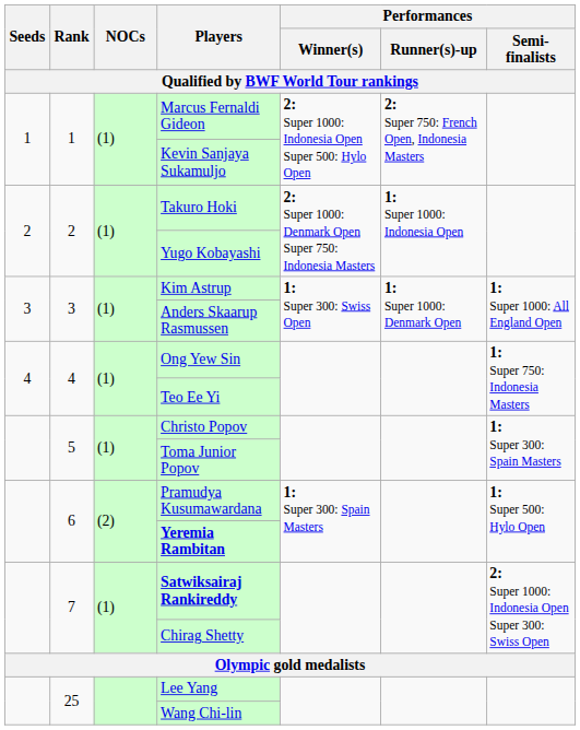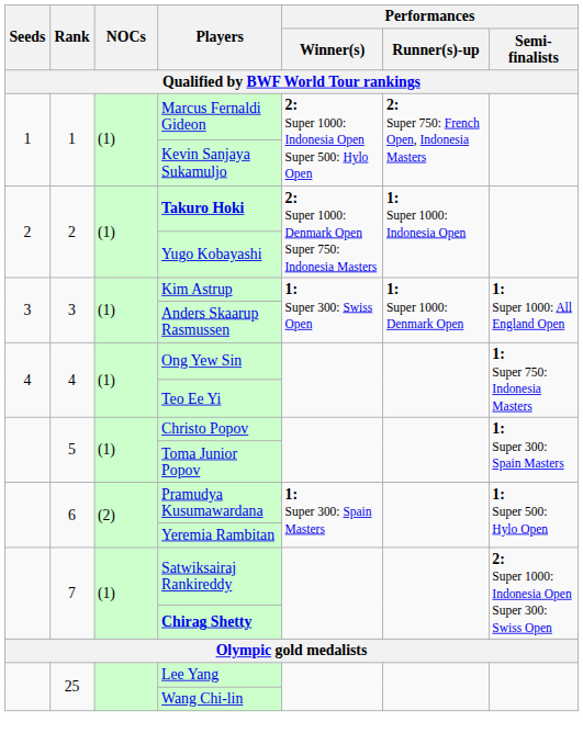 <table class="wikitable">
 <tr>
 <th rowspan="2" width="50">Seeds</th>
 <th rowspan="2" width="50">Rank</th>
 <th rowspan="2" width="150">NOCs</th>
 <th rowspan="2" width="200">Players</th>
 <th colspan="3">Performances</th>
 </tr>
 <tr>
 <th width="250">Winner(s)</th>
 <th width="250">Runner(s)-up</th>
 <th width="250">Semi-finalists</th>
 </tr>
 <tr>
 <th colspan="7">Qualified by <a href='#'>BWF World Tour rankings</a></th>
 </tr>
 <tr>
 <td align="center" rowspan="2">1</td>
 <td align="center" rowspan="2">1</td>
 <td bgcolor="#ccffcc" rowspan="2"> (1)</td>
 <td bgcolor="#ccffcc"><a href='#'>Marcus Fernaldi Gideon</a></td>
 <td rowspan="2" valign="top"><strong>2:</strong><br><small> Super 1000: <a href='#'>Indonesia Open</a><br>Super 500: <a href='#'>Hylo Open</a></small></td>
 <td rowspan="2" valign="top"><strong>2:</strong><br><small>Super 750: <a href='#'>French Open</a>, <a href='#'>Indonesia Masters</a></small></td>
 <td rowspan="2" valign="top"></td>
 </tr>
 <tr>
 <td bgcolor="#ccffcc"><a href='#'>Kevin Sanjaya Sukamuljo</a></td>
 </tr>
 <tr>
 <td align="center" rowspan="2">2</td>
 <td align="center" rowspan="2">2</td>
 <td bgcolor="#ccffcc" rowspan="2"> (1)</td>
-<td bgcolor="#ccffcc"><a href='#'>Takuro Hoki</a></td>
+<td bgcolor="#ccffcc"><strong><a href='#'>Takuro Hoki</a></strong></td>
 <td rowspan="2" valign="top"><strong>2:</strong><br><small>Super 1000: <a href='#'>Denmark Open</a><br>Super 750: <a href='#'>Indonesia Masters</a></small></td>
 <td rowspan="2" valign="top"><strong>1:</strong><br><small>Super 1000: <a href='#'>Indonesia Open</a></small></td>
 <td rowspan="2" valign="top"></td>
 </tr>
 <tr>
 <td bgcolor="#ccffcc"><a href='#'>Yugo Kobayashi</a></td>
 </tr>
 <tr>
 <td align="center" rowspan="2">3</td>
 <td align="center" rowspan="2">3</td>
 <td bgcolor="#ccffcc" rowspan="2"> (1)</td>
 <td bgcolor="#ccffcc"><a href='#'>Kim Astrup</a></td>
 <td rowspan="2" valign="top"><strong>1:</strong><br><small>Super 300: <a href='#'>Swiss Open</a></small></td>
 <td rowspan="2" valign="top"><strong>1:</strong><br><small>Super 1000: <a href='#'>Denmark Open</a></small></td>
 <td rowspan="2" valign="top"><strong>1:</strong><br><small>Super 1000: <a href='#'>All England Open</a></small></td>
 </tr>
 <tr>
 <td bgcolor="#ccffcc"><a href='#'>Anders Skaarup Rasmussen</a></td>
 </tr>
 <tr>
 <td align="center" rowspan="2">4</td>
 <td align="center" rowspan="2">4</td>
 <td bgcolor="#ccffcc" rowspan="2"> (1)</td>
 <td bgcolor="#ccffcc"><a href='#'>Ong Yew Sin</a></td>
 <td rowspan="2" valign="top"></td>
 <td rowspan="2" valign="top"></td>
 <td rowspan="2" valign="top"><strong>1:</strong><br><small>Super 750: <a href='#'>Indonesia Masters</a></small></td>
 </tr>
 <tr>
 <td bgcolor="#ccffcc"><a href='#'>Teo Ee Yi</a></td>
 </tr>
 <tr>
 <td align="center" rowspan="2"></td>
 <td align="center" rowspan="2">5</td>
 <td bgcolor="#ccffcc" rowspan="2"> (1)</td>
 <td bgcolor="#ccffcc"><a href='#'>Christo Popov</a></td>
 <td rowspan="2" valign="top"></td>
 <td rowspan="2" valign="top"></td>
 <td rowspan="2" valign="top"><strong>1:</strong><br><small>Super 300: <a href='#'>Spain Masters</a></small></td>
 </tr>
 <tr>
 <td bgcolor="#ccffcc"><a href='#'>Toma Junior Popov</a></td>
 </tr>
 <tr>
 <td align="center" rowspan="2"></td>
 <td align="center" rowspan="2">6</td>
 <td bgcolor="#ccffcc" rowspan="2"> (2)</td>
 <td bgcolor="#ccffcc"><a href='#'>Pramudya Kusumawardana</a></td>
 <td rowspan="2" valign="top"><strong>1:</strong><br><small>Super 300: <a href='#'>Spain Masters</a></small></td>
 <td rowspan="2" valign="top"></td>
 <td rowspan="2" valign="top"><strong>1:</strong><br><small>Super 500: <a href='#'>Hylo Open</a></small></td>
 </tr>
 <tr>
-<td bgcolor="#ccffcc"><strong><a href='#'>Yeremia Rambitan</a></strong></td>
+<td bgcolor="#ccffcc"><a href='#'>Yeremia Rambitan</a></td>
 </tr>
 <tr>
 <td align="center" rowspan="2"></td>
 <td align="center" rowspan="2">7</td>
 <td bgcolor="#ccffcc" rowspan="2"> (1)</td>
-<td bgcolor="#ccffcc"><strong><a href='#'>Satwiksairaj Rankireddy</a></strong></td>
+<td bgcolor="#ccffcc"><a href='#'>Satwiksairaj Rankireddy</a></td>
 <td rowspan="2" valign="top"></td>
 <td rowspan="2" valign="top"></td>
 <td rowspan="2" valign="top"><strong>2:</strong><br><small>Super 1000: <a href='#'>Indonesia Open</a><br>Super 300: <a href='#'>Swiss Open</a></small></td>
 </tr>
 <tr>
-<td bgcolor="#ccffcc"><a href='#'>Chirag Shetty</a></td>
+<td bgcolor="#ccffcc"><strong><a href='#'>Chirag Shetty</a></strong></td>
 </tr>
 <tr>
 <th colspan="7"><a href='#'>Olympic</a> gold medalists</th>
 </tr>
 <tr>
 <td align="center" rowspan="2"></td>
 <td align="center" rowspan="2">25</td>
 <td bgcolor="#ccffcc" rowspan="2"></td>
 <td bgcolor="#ccffcc"><a href='#'>Lee Yang</a></td>
 <td rowspan="2" valign="top"></td>
 <td rowspan="2" valign="top"></td>
 <td rowspan="2" valign="top"></td>
 </tr>
 <tr>
 <td bgcolor="#ccffcc"><a href='#'>Wang Chi-lin</a></td>
 </tr>
 </table>
